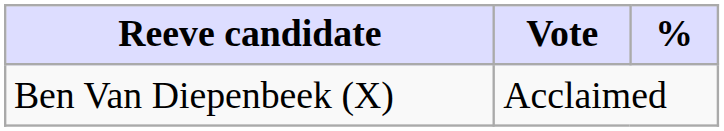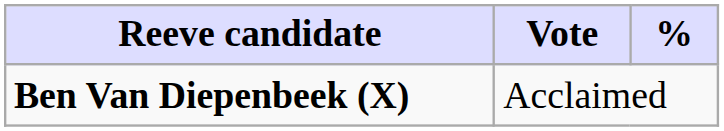 <table class="wikitable">
 <tr>
 <th style="background:#ddf; width:200px;">Reeve candidate </th>
 <th style="background:#ddf; width:50px;">Vote</th>
 <th style="background:#ddf; width:30px;">%</th>
 </tr>
 <tr>
-<td>Ben Van Diepenbeek (X)</td>
+<td><strong>Ben Van Diepenbeek (X)</strong></td>
 <td colspan="2">Acclaimed</td>
 </tr>
 </table>
